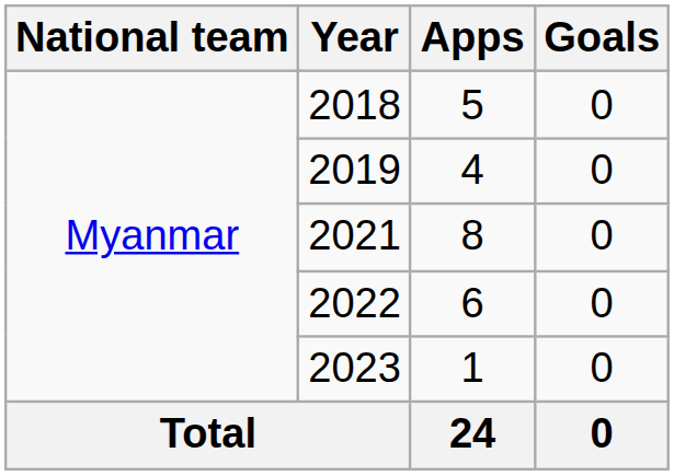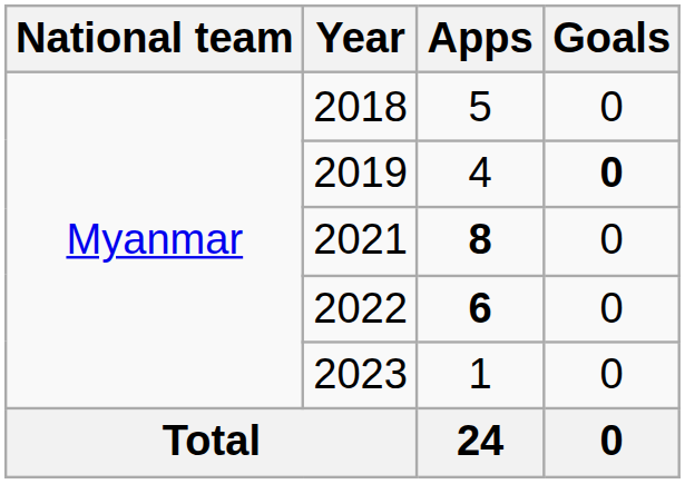 <table class=wikitable style=text-align:center>
 <tr>
 <th>National team</th>
 <th>Year</th>
 <th>Apps</th>
 <th>Goals</th>
 </tr>
 <tr>
 <td rowspan=5><a href='#'>Myanmar</a></td>
 <td>2018</td>
 <td>5</td>
 <td>0</td>
 </tr>
 <tr>
 <td>2019</td>
 <td>4</td>
-<td>0</td>
+<td><strong>0</strong></td>
 </tr>
 <tr>
 <td>2021</td>
-<td>8</td>
+<td><strong>8</strong></td>
 <td>0</td>
 </tr>
 <tr>
 <td>2022</td>
-<td>6</td>
+<td><strong>6</strong></td>
 <td>0</td>
 </tr>
 <tr>
 <td>2023</td>
 <td>1</td>
 <td>0</td>
 </tr>
 <tr>
 <th colspan=2>Total</th>
 <th>24</th>
 <th>0</th>
 </tr>
 </table>
